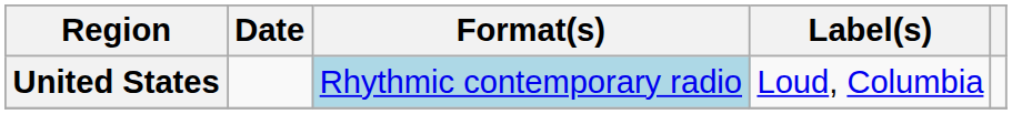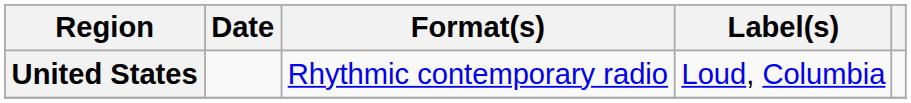 <table class="wikitable plainrowheaders" style="text-align:left">
 <tr>
 <th scope="col">Region</th>
 <th scope="col">Date</th>
 <th scope="col">Format(s)</th>
 <th scope="col">Label(s)</th>
 <th scope="col"></th>
 </tr>
 <tr>
 <th scope="row">United States</th>
 <td></td>
-<td style="background: lightblue;"><a href='#'>Rhythmic contemporary radio</a></td>
+<td><a href='#'>Rhythmic contemporary radio</a></td>
 <td><a href='#'>Loud</a>, <a href='#'>Columbia</a></td>
 <td></td>
 </tr>
 <tr>
 </tr>
 </table>
